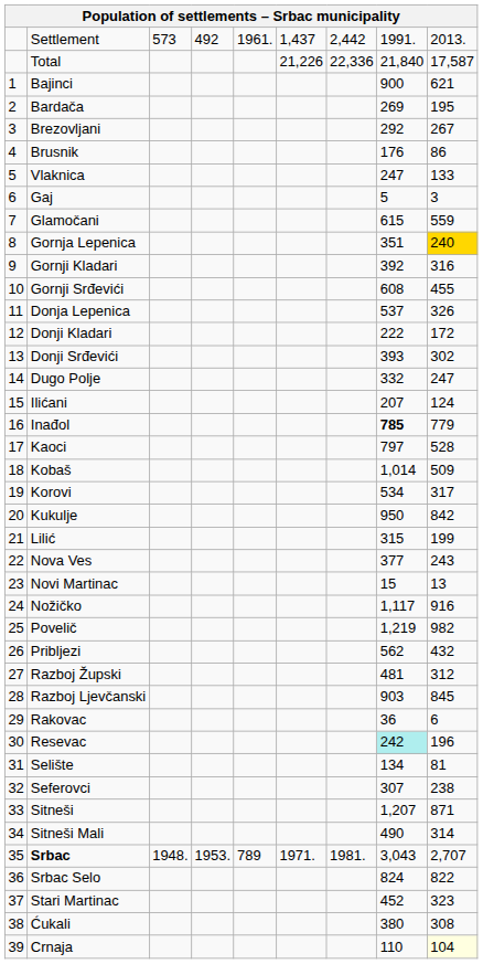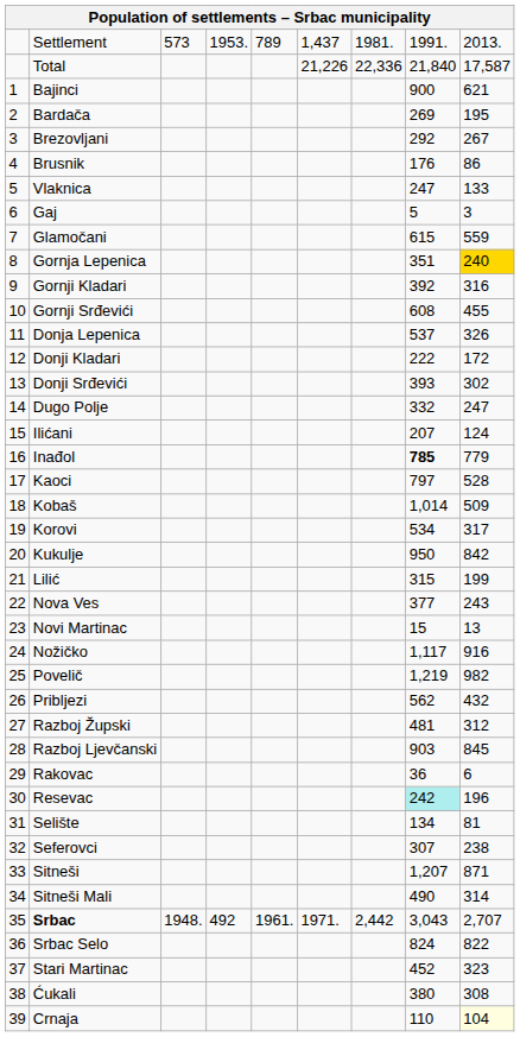 <table class="wikitable">
 <tr>
 <th colspan="9">Population of settlements – Srbac municipality</th>
 </tr>
 <tr>
 <td></td>
 <td>Settlement</td>
 <td>573</td>
-<td>492</td>
-<td>1961.</td>
+<td>1953.</td>
+<td>789</td>
 <td>1,437</td>
-<td>2,442</td>
+<td>1981.</td>
 <td>1991.</td>
 <td>2013.</td>
 </tr>
 <tr>
 <td></td>
 <td>Total</td>
 <td></td>
 <td></td>
 <td></td>
 <td>21,226</td>
 <td>22,336</td>
 <td>21,840</td>
 <td>17,587</td>
 </tr>
 <tr>
 <td>1</td>
 <td>Bajinci</td>
 <td></td>
 <td></td>
 <td></td>
 <td></td>
 <td></td>
 <td>900</td>
 <td>621</td>
 </tr>
 <tr>
 <td>2</td>
 <td>Bardača</td>
 <td></td>
 <td></td>
 <td></td>
 <td></td>
 <td></td>
 <td>269</td>
 <td>195</td>
 </tr>
 <tr>
 <td>3</td>
 <td>Brezovljani</td>
 <td></td>
 <td></td>
 <td></td>
 <td></td>
 <td></td>
 <td>292</td>
 <td>267</td>
 </tr>
 <tr>
 <td>4</td>
 <td>Brusnik</td>
 <td></td>
 <td></td>
 <td></td>
 <td></td>
 <td></td>
 <td>176</td>
 <td>86</td>
 </tr>
 <tr>
 <td>5</td>
 <td>Vlaknica</td>
 <td></td>
 <td></td>
 <td></td>
 <td></td>
 <td></td>
 <td>247</td>
 <td>133</td>
 </tr>
 <tr>
 <td>6</td>
 <td>Gaj</td>
 <td></td>
 <td></td>
 <td></td>
 <td></td>
 <td></td>
 <td>5</td>
 <td>3</td>
 </tr>
 <tr>
 <td>7</td>
 <td>Glamočani</td>
 <td></td>
 <td></td>
 <td></td>
 <td></td>
 <td></td>
 <td>615</td>
 <td>559</td>
 </tr>
 <tr>
 <td>8</td>
 <td>Gornja Lepenica</td>
 <td></td>
 <td></td>
 <td></td>
 <td></td>
 <td></td>
 <td>351</td>
 <td style="background: gold;">240</td>
 </tr>
 <tr>
 <td>9</td>
 <td>Gornji Kladari</td>
 <td></td>
 <td></td>
 <td></td>
 <td></td>
 <td></td>
 <td>392</td>
 <td>316</td>
 </tr>
 <tr>
 <td>10</td>
 <td>Gornji Srđevići</td>
 <td></td>
 <td></td>
 <td></td>
 <td></td>
 <td></td>
 <td>608</td>
 <td>455</td>
 </tr>
 <tr>
 <td>11</td>
 <td>Donja Lepenica</td>
 <td></td>
 <td></td>
 <td></td>
 <td></td>
 <td></td>
 <td>537</td>
 <td>326</td>
 </tr>
 <tr>
 <td>12</td>
 <td>Donji Kladari</td>
 <td></td>
 <td></td>
 <td></td>
 <td></td>
 <td></td>
 <td>222</td>
 <td>172</td>
 </tr>
 <tr>
 <td>13</td>
 <td>Donji Srđevići</td>
 <td></td>
 <td></td>
 <td></td>
 <td></td>
 <td></td>
 <td>393</td>
 <td>302</td>
 </tr>
 <tr>
 <td>14</td>
 <td>Dugo Polje</td>
 <td></td>
 <td></td>
 <td></td>
 <td></td>
 <td></td>
 <td>332</td>
 <td>247</td>
 </tr>
 <tr>
 <td>15</td>
 <td>Ilićani</td>
 <td></td>
 <td></td>
 <td></td>
 <td></td>
 <td></td>
 <td>207</td>
 <td>124</td>
 </tr>
 <tr>
 <td>16</td>
 <td>Inađol</td>
 <td></td>
 <td></td>
 <td></td>
 <td></td>
 <td></td>
 <td><strong>785</strong></td>
 <td>779</td>
 </tr>
 <tr>
 <td>17</td>
 <td>Kaoci</td>
 <td></td>
 <td></td>
 <td></td>
 <td></td>
 <td></td>
 <td>797</td>
 <td>528</td>
 </tr>
 <tr>
 <td>18</td>
 <td>Kobaš</td>
 <td></td>
 <td></td>
 <td></td>
 <td></td>
 <td></td>
 <td>1,014</td>
 <td>509</td>
 </tr>
 <tr>
 <td>19</td>
 <td>Korovi</td>
 <td></td>
 <td></td>
 <td></td>
 <td></td>
 <td></td>
 <td>534</td>
 <td>317</td>
 </tr>
 <tr>
 <td>20</td>
 <td>Kukulje</td>
 <td></td>
 <td></td>
 <td></td>
 <td></td>
 <td></td>
 <td>950</td>
 <td>842</td>
 </tr>
 <tr>
 <td>21</td>
 <td>Lilić</td>
 <td></td>
 <td></td>
 <td></td>
 <td></td>
 <td></td>
 <td>315</td>
 <td>199</td>
 </tr>
 <tr>
 <td>22</td>
 <td>Nova Ves</td>
 <td></td>
 <td></td>
 <td></td>
 <td></td>
 <td></td>
 <td>377</td>
 <td>243</td>
 </tr>
 <tr>
 <td>23</td>
 <td>Novi Martinac</td>
 <td></td>
 <td></td>
 <td></td>
 <td></td>
 <td></td>
 <td>15</td>
 <td>13</td>
 </tr>
 <tr>
 <td>24</td>
 <td>Nožičko</td>
 <td></td>
 <td></td>
 <td></td>
 <td></td>
 <td></td>
 <td>1,117</td>
 <td>916</td>
 </tr>
 <tr>
 <td>25</td>
 <td>Povelič</td>
 <td></td>
 <td></td>
 <td></td>
 <td></td>
 <td></td>
 <td>1,219</td>
 <td>982</td>
 </tr>
 <tr>
 <td>26</td>
 <td>Pribljezi</td>
 <td></td>
 <td></td>
 <td></td>
 <td></td>
 <td></td>
 <td>562</td>
 <td>432</td>
 </tr>
 <tr>
 <td>27</td>
 <td>Razboj Župski</td>
 <td></td>
 <td></td>
 <td></td>
 <td></td>
 <td></td>
 <td>481</td>
 <td>312</td>
 </tr>
 <tr>
 <td>28</td>
 <td>Razboj Ljevčanski</td>
 <td></td>
 <td></td>
 <td></td>
 <td></td>
 <td></td>
 <td>903</td>
 <td>845</td>
 </tr>
 <tr>
 <td>29</td>
 <td>Rakovac</td>
 <td></td>
 <td></td>
 <td></td>
 <td></td>
 <td></td>
 <td>36</td>
 <td>6</td>
 </tr>
 <tr>
 <td>30</td>
 <td>Resevac</td>
 <td></td>
 <td></td>
 <td></td>
 <td></td>
 <td></td>
 <td style="background: paleturquoise;">242</td>
 <td>196</td>
 </tr>
 <tr>
 <td>31</td>
 <td>Selište</td>
 <td></td>
 <td></td>
 <td></td>
 <td></td>
 <td></td>
 <td>134</td>
 <td>81</td>
 </tr>
 <tr>
 <td>32</td>
 <td>Seferovci</td>
 <td></td>
 <td></td>
 <td></td>
 <td></td>
 <td></td>
 <td>307</td>
 <td>238</td>
 </tr>
 <tr>
 <td>33</td>
 <td>Sitneši</td>
 <td></td>
 <td></td>
 <td></td>
 <td></td>
 <td></td>
 <td>1,207</td>
 <td>871</td>
 </tr>
 <tr>
 <td>34</td>
 <td>Sitneši Mali</td>
 <td></td>
 <td></td>
 <td></td>
 <td></td>
 <td></td>
 <td>490</td>
 <td>314</td>
 </tr>
 <tr>
 <td>35</td>
 <td><strong>Srbac</strong></td>
 <td>1948.</td>
-<td>1953.</td>
-<td>789</td>
+<td>492</td>
+<td>1961.</td>
 <td>1971.</td>
-<td>1981.</td>
+<td>2,442</td>
 <td>3,043</td>
 <td>2,707</td>
 </tr>
 <tr>
 <td>36</td>
 <td>Srbac Selo</td>
 <td></td>
 <td></td>
 <td></td>
 <td></td>
 <td></td>
 <td>824</td>
 <td>822</td>
 </tr>
 <tr>
 <td>37</td>
 <td>Stari Martinac</td>
 <td></td>
 <td></td>
 <td></td>
 <td></td>
 <td></td>
 <td>452</td>
 <td>323</td>
 </tr>
 <tr>
 <td>38</td>
 <td>Ćukali</td>
 <td></td>
 <td></td>
 <td></td>
 <td></td>
 <td></td>
 <td>380</td>
 <td>308</td>
 </tr>
 <tr>
 <td>39</td>
 <td>Crnaja</td>
 <td></td>
 <td></td>
 <td></td>
 <td></td>
 <td></td>
 <td>110</td>
 <td style="background: lightyellow;">104</td>
 </tr>
 </table>
